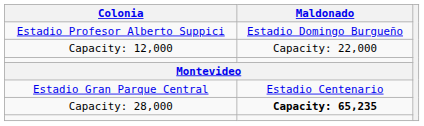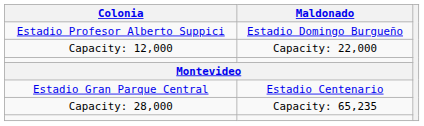 <table class="wikitable" style="text-align:center;margin:1em auto;" width="500px">
 <tr>
 <th><a href='#'>Colonia</a></th>
 <th><a href='#'>Maldonado</a></th>
 <th rowspan=8 text-align="center"><br></th>
 </tr>
 <tr>
 <td><a href='#'>Estadio Profesor Alberto Suppici</a></td>
 <td><a href='#'>Estadio Domingo Burgueño</a></td>
 </tr>
 <tr>
 <td>Capacity: 12,000</td>
 <td>Capacity: 22,000</td>
 </tr>
 <tr>
 <td></td>
 <td></td>
 </tr>
 <tr>
 <th colspan=2><a href='#'>Montevideo</a></th>
 </tr>
 <tr>
 <td><a href='#'>Estadio Gran Parque Central</a></td>
 <td><a href='#'>Estadio Centenario</a></td>
 </tr>
 <tr>
 <td>Capacity: 28,000</td>
-<td><strong>Capacity: 65,235</strong></td>
+<td>Capacity: 65,235</td>
 </tr>
 <tr>
 <td></td>
 <td></td>
 </tr>
 </table>
